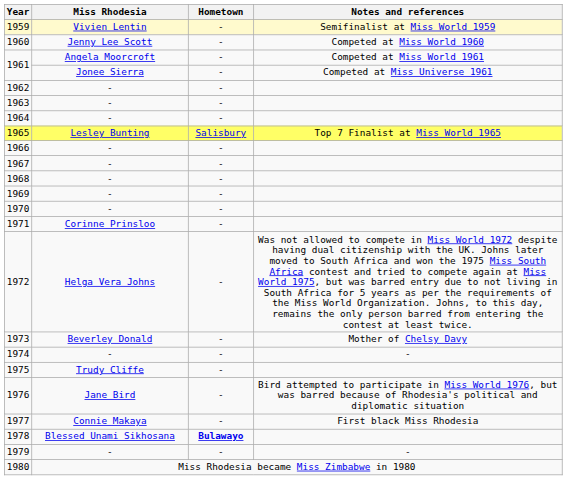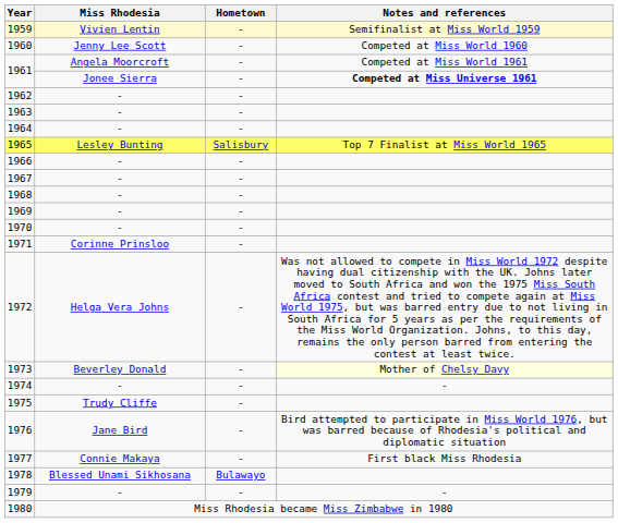 <table class="wikitable sortable" style="font-size: 95%; text-align:center">
 <tr>
 <th width="30">Year</th>
 <th width="200">Miss Rhodesia</th>
 <th width="80">Hometown</th>
 <th width="400">Notes and references</th>
 </tr>
 <tr>
 <td style="background:#FFFACD;">1959</td>
 <td style="background:#FFFACD;"><a href='#'>Vivien Lentin</a></td>
 <td style="background:#FFFACD;">-</td>
 <td style="background:#FFFACD;">Semifinalist at <a href='#'>Miss World 1959</a><br></td>
 </tr>
 <tr>
 <td>1960</td>
 <td><a href='#'>Jenny Lee Scott</a></td>
 <td>-</td>
 <td>Competed at <a href='#'>Miss World 1960</a><br></td>
 </tr>
 <tr>
 <td rowspan="2">1961</td>
 <td><a href='#'>Angela Moorcroft</a></td>
 <td>-</td>
 <td>Competed at <a href='#'>Miss World 1961</a><br></td>
 </tr>
 <tr>
 <td><a href='#'>Jonee Sierra</a></td>
 <td>-</td>
-<td>Competed at <a href='#'>Miss Universe 1961</a><br></td>
+<td><strong>Competed at <a href='#'>Miss Universe 1961</a><br></strong></td>
 </tr>
 <tr>
 <td>1962</td>
 <td>-</td>
 <td>-</td>
 <td></td>
 </tr>
 <tr>
 <td>1963</td>
 <td>-</td>
 <td>-</td>
 <td></td>
 </tr>
 <tr>
 <td>1964</td>
 <td>-</td>
 <td>-</td>
 <td></td>
 </tr>
 <tr>
 <td style="background:#FFFF66;">1965</td>
 <td style="background:#FFFF66;"><a href='#'>Lesley Bunting</a></td>
 <td style="background:#FFFF66;"><a href='#'>Salisbury</a></td>
 <td style="background:#FFFF66;">Top 7 Finalist at <a href='#'>Miss World 1965</a></td>
 </tr>
 <tr>
 <td>1966</td>
 <td>-</td>
 <td>-</td>
 <td></td>
 </tr>
 <tr>
 <td>1967</td>
 <td>-</td>
 <td>-</td>
 <td></td>
 </tr>
 <tr>
 <td>1968</td>
 <td>-</td>
 <td>-</td>
 <td></td>
 </tr>
 <tr>
 <td>1969</td>
 <td>-</td>
 <td>-</td>
 <td></td>
 </tr>
 <tr>
 <td>1970</td>
 <td>-</td>
 <td>-</td>
 <td></td>
 </tr>
 <tr>
 <td>1971</td>
 <td><a href='#'>Corinne Prinsloo</a></td>
 <td>-</td>
 <td></td>
 </tr>
 <tr>
 <td>1972</td>
 <td><a href='#'>Helga Vera Johns</a></td>
 <td>-</td>
 <td>Was not allowed to compete in <a href='#'>Miss World 1972</a> despite having dual citizenship with the UK. Johns later moved to South Africa and won the 1975 <a href='#'>Miss South Africa</a> contest and tried to compete again at <a href='#'>Miss World 1975</a>, but was barred entry due to not living in South Africa for 5 years as per the requirements of the Miss World Organization. Johns, to this day, remains the only person barred from entering the contest at least twice.</td>
 </tr>
 <tr>
 <td>1973</td>
 <td><a href='#'>Beverley Donald</a></td>
 <td>-</td>
-<td>Mother of <a href='#'>Chelsy Davy</a></td>
+<td style="background: lightyellow;">Mother of <a href='#'>Chelsy Davy</a></td>
 </tr>
 <tr>
 <td>1974</td>
 <td>-</td>
 <td>-</td>
 <td>-</td>
 </tr>
 <tr>
 <td>1975</td>
 <td><a href='#'>Trudy Cliffe</a></td>
 <td>-</td>
 <td></td>
 </tr>
 <tr>
 <td>1976</td>
 <td><a href='#'>Jane Bird</a></td>
 <td>-</td>
 <td>Bird attempted to participate in <a href='#'>Miss World 1976</a>, but was barred because of Rhodesia's political and diplomatic situation</td>
 </tr>
 <tr>
 <td>1977</td>
 <td><a href='#'>Connie Makaya</a></td>
 <td>-</td>
 <td>First black Miss Rhodesia</td>
 </tr>
 <tr>
 <td>1978</td>
 <td><a href='#'>Blessed Unami Sikhosana</a></td>
-<td><strong><a href='#'>Bulawayo</a></strong></td>
+<td><a href='#'>Bulawayo</a></td>
 <td></td>
 </tr>
 <tr>
 <td>1979</td>
 <td>-</td>
 <td>-</td>
 <td>-</td>
 </tr>
 <tr>
 <td>1980</td>
 <td colspan="3">Miss Rhodesia became <a href='#'>Miss Zimbabwe</a> in 1980</td>
 </tr>
 </table>
